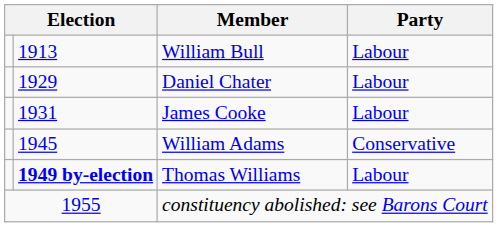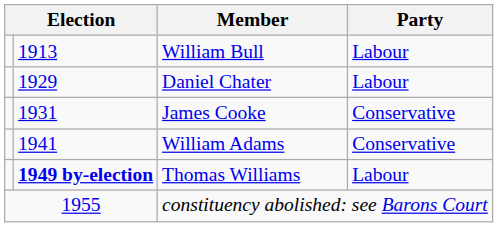 <table class="wikitable">
 <tr>
 <th colspan="2">Election</th>
 <th>Member</th>
 <th>Party</th>
 </tr>
 <tr>
 <td style="color:inherit;background-color: "></td>
 <td><a href='#'>1913</a></td>
 <td><a href='#'>William Bull</a></td>
 <td><a href='#'>Labour</a></td>
 </tr>
 <tr>
 <td style="color:inherit;background-color: "></td>
 <td><a href='#'>1929</a></td>
 <td><a href='#'>Daniel Chater</a></td>
 <td><a href='#'>Labour</a></td>
 </tr>
 <tr>
 <td style="color:inherit;background-color: "></td>
 <td><a href='#'>1931</a></td>
 <td><a href='#'>James Cooke</a></td>
-<td><a href='#'>Labour</a></td>
+<td><a href='#'>Conservative</a></td>
 </tr>
 <tr>
 <td style="color:inherit;background-color: "></td>
-<td><a href='#'>1945</a></td>
+<td><a href='#'>1941</a></td>
 <td><a href='#'>William Adams</a></td>
 <td><a href='#'>Conservative</a></td>
 </tr>
 <tr>
 <td style="color:inherit;background-color: "></td>
 <td><strong><a href='#'>1949 by-election</a></strong></td>
 <td><a href='#'>Thomas Williams</a></td>
 <td><a href='#'>Labour</a></td>
 </tr>
 <tr>
 <td colspan="2" align="center"><a href='#'>1955</a></td>
 <td colspan="2"><em>constituency abolished: see <a href='#'>Barons Court</a></em></td>
 </tr>
 </table>
